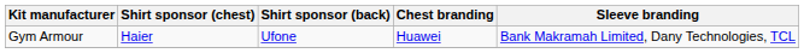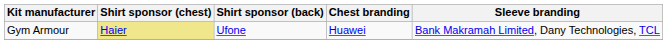 <table class="wikitable">
 <tr>
 <th>Kit manufacturer</th>
 <th>Shirt sponsor (chest)</th>
 <th>Shirt sponsor (back)</th>
 <th>Chest branding</th>
 <th>Sleeve branding</th>
 </tr>
 <tr>
 <td>Gym Armour</td>
-<td><a href='#'>Haier</a></td>
+<td style="background: khaki;"><a href='#'>Haier</a></td>
 <td><a href='#'>Ufone</a></td>
 <td><a href='#'>Huawei</a></td>
 <td><a href='#'>Bank Makramah Limited</a>, Dany Technologies, <a href='#'>TCL</a></td>
 </tr>
 <tr>
 </tr>
 </table>
